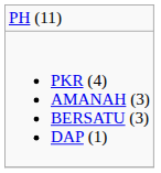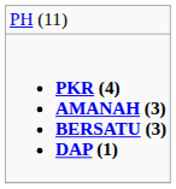 <table class="wikitable">
 <tr>
 <td> <a href='#'>PH</a> (11)</td>
 </tr>
 <tr>
-<td><br><ul><li> <a href='#'>PKR</a> (4)</li><li> <a href='#'>AMANAH</a> (3)</li><li> <a href='#'>BERSATU</a> (3)</li><li> <a href='#'>DAP</a> (1)</li></ul></td>
+<td><strong><br><ul><li> <a href='#'>PKR</a> (4)</li><li> <a href='#'>AMANAH</a> (3)</li><li> <a href='#'>BERSATU</a> (3)</li><li> <a href='#'>DAP</a> (1)</li></ul></strong></td>
 </tr>
 <tr>
 </tr>
 </table>
